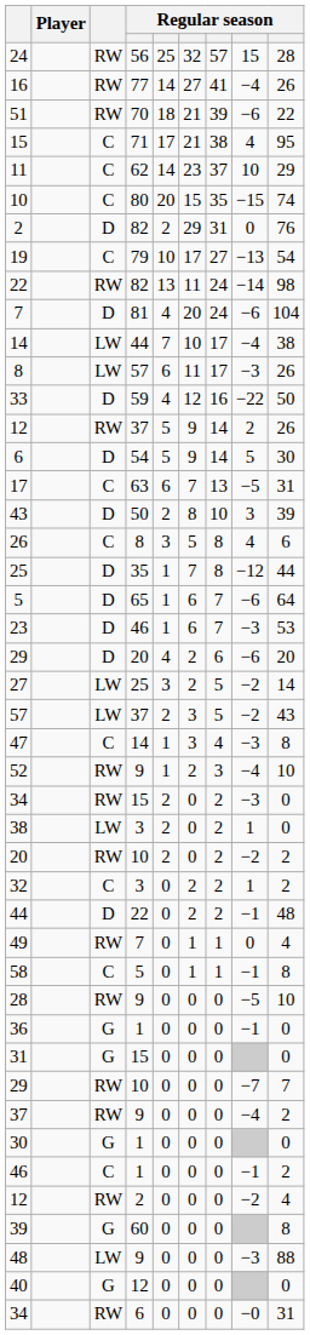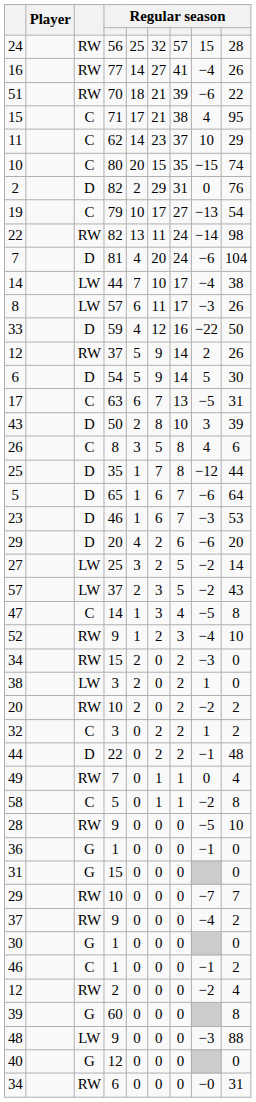 <table class="wikitable sortable plainrowheaders" style="text-align:center;">
 <tr>
 <th scope="col" data-sort-type="number" rowspan="2"></th>
 <th scope="col" rowspan="2">Player</th>
 <th scope="col" rowspan="2"></th>
 <th scope=colgroup colspan=6>Regular season</th>
 </tr>
 <tr>
 <th scope="col" data-sort-type="number"></th>
 <th scope="col" data-sort-type="number"></th>
 <th scope="col" data-sort-type="number"></th>
 <th scope="col" data-sort-type="number"></th>
 <th scope="col" data-sort-type="number"></th>
 <th scope="col" data-sort-type="number"></th>
 </tr>
 <tr>
 <td scope="row">24</td>
 <td align="left"></td>
 <td>RW</td>
 <td>56</td>
 <td>25</td>
 <td>32</td>
 <td>57</td>
 <td>15</td>
 <td>28</td>
 </tr>
 <tr>
 <td scope="row">16</td>
 <td align="left"></td>
 <td>RW</td>
 <td>77</td>
 <td>14</td>
 <td>27</td>
 <td>41</td>
 <td>−4</td>
 <td>26</td>
 </tr>
 <tr>
 <td scope="row">51</td>
 <td align="left"></td>
 <td>RW</td>
 <td>70</td>
 <td>18</td>
 <td>21</td>
 <td>39</td>
 <td>−6</td>
 <td>22</td>
 </tr>
 <tr>
 <td scope="row">15</td>
 <td align="left"></td>
 <td>C</td>
 <td>71</td>
 <td>17</td>
 <td>21</td>
 <td>38</td>
 <td>4</td>
 <td>95</td>
 </tr>
 <tr>
 <td scope="row">11</td>
 <td align="left"></td>
 <td>C</td>
 <td>62</td>
 <td>14</td>
 <td>23</td>
 <td>37</td>
 <td>10</td>
 <td>29</td>
 </tr>
 <tr>
 <td scope="row">10</td>
 <td align="left"></td>
 <td>C</td>
 <td>80</td>
 <td>20</td>
 <td>15</td>
 <td>35</td>
 <td>−15</td>
 <td>74</td>
 </tr>
 <tr>
 <td scope="row">2</td>
 <td align="left"></td>
 <td>D</td>
 <td>82</td>
 <td>2</td>
 <td>29</td>
 <td>31</td>
 <td>0</td>
 <td>76</td>
 </tr>
 <tr>
 <td scope="row">19</td>
 <td align="left"></td>
 <td>C</td>
 <td>79</td>
 <td>10</td>
 <td>17</td>
 <td>27</td>
 <td>−13</td>
 <td>54</td>
 </tr>
 <tr>
 <td scope="row">22</td>
 <td align="left"></td>
 <td>RW</td>
 <td>82</td>
 <td>13</td>
 <td>11</td>
 <td>24</td>
 <td>−14</td>
 <td>98</td>
 </tr>
 <tr>
 <td scope="row">7</td>
 <td align="left"></td>
 <td>D</td>
 <td>81</td>
 <td>4</td>
 <td>20</td>
 <td>24</td>
 <td>−6</td>
 <td>104</td>
 </tr>
 <tr>
 <td scope="row">14</td>
 <td align="left"></td>
 <td>LW</td>
 <td>44</td>
 <td>7</td>
 <td>10</td>
 <td>17</td>
 <td>−4</td>
 <td>38</td>
 </tr>
 <tr>
 <td scope="row">8</td>
 <td align="left"></td>
 <td>LW</td>
 <td>57</td>
 <td>6</td>
 <td>11</td>
 <td>17</td>
 <td>−3</td>
 <td>26</td>
 </tr>
 <tr>
 <td scope="row">33</td>
 <td align="left"></td>
 <td>D</td>
 <td>59</td>
 <td>4</td>
 <td>12</td>
 <td>16</td>
 <td>−22</td>
 <td>50</td>
 </tr>
 <tr>
 <td scope="row">12</td>
 <td align="left"></td>
 <td>RW</td>
 <td>37</td>
 <td>5</td>
 <td>9</td>
 <td>14</td>
 <td>2</td>
 <td>26</td>
 </tr>
 <tr>
 <td scope="row">6</td>
 <td align="left"></td>
 <td>D</td>
 <td>54</td>
 <td>5</td>
 <td>9</td>
 <td>14</td>
 <td>5</td>
 <td>30</td>
 </tr>
 <tr>
 <td scope="row">17</td>
 <td align="left"></td>
 <td>C</td>
 <td>63</td>
 <td>6</td>
 <td>7</td>
 <td>13</td>
 <td>−5</td>
 <td>31</td>
 </tr>
 <tr>
 <td scope="row">43</td>
 <td align="left"></td>
 <td>D</td>
 <td>50</td>
 <td>2</td>
 <td>8</td>
 <td>10</td>
 <td>3</td>
 <td>39</td>
 </tr>
 <tr>
 <td scope="row">26</td>
 <td align="left"></td>
 <td>C</td>
 <td>8</td>
 <td>3</td>
 <td>5</td>
 <td>8</td>
 <td>4</td>
 <td>6</td>
 </tr>
 <tr>
 <td scope="row">25</td>
 <td align="left"></td>
 <td>D</td>
 <td>35</td>
 <td>1</td>
 <td>7</td>
 <td>8</td>
 <td>−12</td>
 <td>44</td>
 </tr>
 <tr>
 <td scope="row">5</td>
 <td align="left"></td>
 <td>D</td>
 <td>65</td>
 <td>1</td>
 <td>6</td>
 <td>7</td>
 <td>−6</td>
 <td>64</td>
 </tr>
 <tr>
 <td scope="row">23</td>
 <td align="left"></td>
 <td>D</td>
 <td>46</td>
 <td>1</td>
 <td>6</td>
 <td>7</td>
 <td>−3</td>
 <td>53</td>
 </tr>
 <tr>
 <td scope="row">29</td>
 <td align="left"></td>
 <td>D</td>
 <td>20</td>
 <td>4</td>
 <td>2</td>
 <td>6</td>
 <td>−6</td>
 <td>20</td>
 </tr>
 <tr>
 <td scope="row">27</td>
 <td align="left"></td>
 <td>LW</td>
 <td>25</td>
 <td>3</td>
 <td>2</td>
 <td>5</td>
 <td>−2</td>
 <td>14</td>
 </tr>
 <tr>
 <td scope="row">57</td>
 <td align="left"></td>
 <td>LW</td>
 <td>37</td>
 <td>2</td>
 <td>3</td>
 <td>5</td>
 <td>−2</td>
 <td>43</td>
 </tr>
 <tr>
 <td scope="row">47</td>
 <td align="left"></td>
 <td>C</td>
 <td>14</td>
 <td>1</td>
 <td>3</td>
 <td>4</td>
-<td>−3</td>
+<td>−5</td>
 <td>8</td>
 </tr>
 <tr>
 <td scope="row">52</td>
 <td align="left"></td>
 <td>RW</td>
 <td>9</td>
 <td>1</td>
 <td>2</td>
 <td>3</td>
 <td>−4</td>
 <td>10</td>
 </tr>
 <tr>
 <td scope="row">34</td>
 <td align="left"></td>
 <td>RW</td>
 <td>15</td>
 <td>2</td>
 <td>0</td>
 <td>2</td>
 <td>−3</td>
 <td>0</td>
 </tr>
 <tr>
 <td scope="row">38</td>
 <td align="left"></td>
 <td>LW</td>
 <td>3</td>
 <td>2</td>
 <td>0</td>
 <td>2</td>
 <td>1</td>
 <td>0</td>
 </tr>
 <tr>
 <td scope="row">20</td>
 <td align="left"></td>
 <td>RW</td>
 <td>10</td>
 <td>2</td>
 <td>0</td>
 <td>2</td>
 <td>−2</td>
 <td>2</td>
 </tr>
 <tr>
 <td scope="row">32</td>
 <td align="left"></td>
 <td>C</td>
 <td>3</td>
 <td>0</td>
 <td>2</td>
 <td>2</td>
 <td>1</td>
 <td>2</td>
 </tr>
 <tr>
 <td scope="row">44</td>
 <td align="left"></td>
 <td>D</td>
 <td>22</td>
 <td>0</td>
 <td>2</td>
 <td>2</td>
 <td>−1</td>
 <td>48</td>
 </tr>
 <tr>
 <td scope="row">49</td>
 <td align="left"></td>
 <td>RW</td>
 <td>7</td>
 <td>0</td>
 <td>1</td>
 <td>1</td>
 <td>0</td>
 <td>4</td>
 </tr>
 <tr>
 <td scope="row">58</td>
 <td align="left"></td>
 <td>C</td>
 <td>5</td>
 <td>0</td>
 <td>1</td>
 <td>1</td>
-<td>−1</td>
+<td>−2</td>
 <td>8</td>
 </tr>
 <tr>
 <td scope="row">28</td>
 <td align="left"></td>
 <td>RW</td>
 <td>9</td>
 <td>0</td>
 <td>0</td>
 <td>0</td>
 <td>−5</td>
 <td>10</td>
 </tr>
 <tr>
 <td scope="row">36</td>
 <td align="left"></td>
 <td>G</td>
 <td>1</td>
 <td>0</td>
 <td>0</td>
 <td>0</td>
 <td>−1</td>
 <td>0</td>
 </tr>
 <tr>
 <td scope="row">31</td>
 <td align="left"></td>
 <td>G</td>
 <td>15</td>
 <td>0</td>
 <td>0</td>
 <td>0</td>
 <td style="background:#ccc"></td>
 <td>0</td>
 </tr>
 <tr>
 <td scope="row">29</td>
 <td align="left"></td>
 <td>RW</td>
 <td>10</td>
 <td>0</td>
 <td>0</td>
 <td>0</td>
 <td>−7</td>
 <td>7</td>
 </tr>
 <tr>
 <td scope="row">37</td>
 <td align="left"></td>
 <td>RW</td>
 <td>9</td>
 <td>0</td>
 <td>0</td>
 <td>0</td>
 <td>−4</td>
 <td>2</td>
 </tr>
 <tr>
 <td scope="row">30</td>
 <td align="left"></td>
 <td>G</td>
 <td>1</td>
 <td>0</td>
 <td>0</td>
 <td>0</td>
 <td style="background:#ccc"></td>
 <td>0</td>
 </tr>
 <tr>
 <td scope="row">46</td>
 <td align="left"></td>
 <td>C</td>
 <td>1</td>
 <td>0</td>
 <td>0</td>
 <td>0</td>
 <td>−1</td>
 <td>2</td>
 </tr>
 <tr>
 <td scope="row">12</td>
 <td align="left"></td>
 <td>RW</td>
 <td>2</td>
 <td>0</td>
 <td>0</td>
 <td>0</td>
 <td>−2</td>
 <td>4</td>
 </tr>
 <tr>
 <td scope="row">39</td>
 <td align="left"></td>
 <td>G</td>
 <td>60</td>
 <td>0</td>
 <td>0</td>
 <td>0</td>
 <td style="background:#ccc"></td>
 <td>8</td>
 </tr>
 <tr>
 <td scope="row">48</td>
 <td align="left"></td>
 <td>LW</td>
 <td>9</td>
 <td>0</td>
 <td>0</td>
 <td>0</td>
 <td>−3</td>
 <td>88</td>
 </tr>
 <tr>
 <td scope="row">40</td>
 <td align="left"></td>
 <td>G</td>
 <td>12</td>
 <td>0</td>
 <td>0</td>
 <td>0</td>
 <td style="background:#ccc"></td>
 <td>0</td>
 </tr>
 <tr>
 <td scope="row">34</td>
 <td align="left"></td>
 <td>RW</td>
 <td>6</td>
 <td>0</td>
 <td>0</td>
 <td>0</td>
 <td>−0</td>
 <td>31</td>
 </tr>
 </table>
